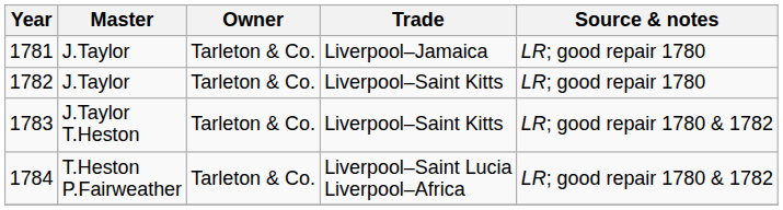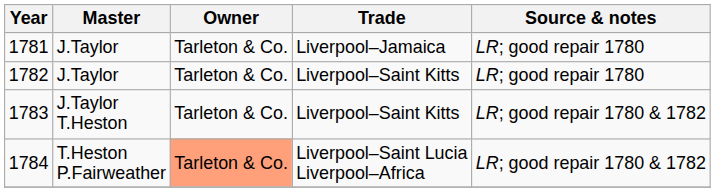 <table class=" wikitable">
 <tr>
 <th>Year</th>
 <th>Master</th>
 <th>Owner</th>
 <th>Trade</th>
 <th>Source & notes</th>
 </tr>
 <tr>
 <td>1781</td>
 <td>J.Taylor</td>
 <td>Tarleton & Co.</td>
 <td>Liverpool–Jamaica</td>
 <td><em>LR</em>; good repair 1780</td>
 </tr>
 <tr>
 <td>1782</td>
 <td>J.Taylor</td>
 <td>Tarleton & Co.</td>
 <td>Liverpool–Saint Kitts</td>
 <td><em>LR</em>; good repair 1780</td>
 </tr>
 <tr>
 <td>1783</td>
 <td>J.Taylor<br>T.Heston</td>
 <td>Tarleton & Co.</td>
 <td>Liverpool–Saint Kitts</td>
 <td><em>LR</em>; good repair 1780 &  1782</td>
 </tr>
 <tr>
 <td>1784</td>
 <td>T.Heston<br>P.Fairweather</td>
-<td>Tarleton & Co.</td>
+<td style="background: lightsalmon;">Tarleton & Co.</td>
 <td>Liverpool–Saint Lucia<br>Liverpool–Africa</td>
 <td><em>LR</em>; good repair 1780 &  1782</td>
 </tr>
 <tr>
 </tr>
 </table>
